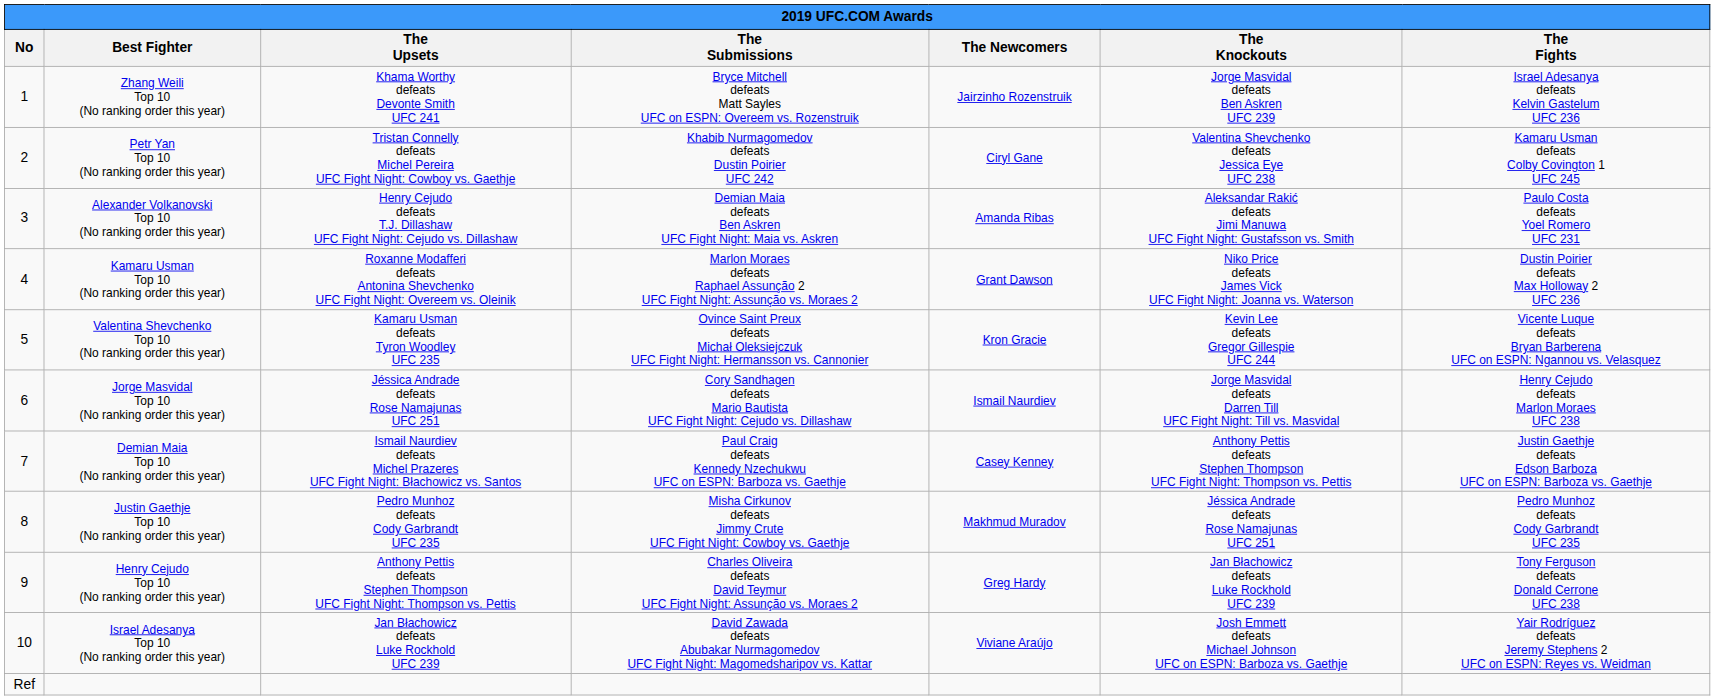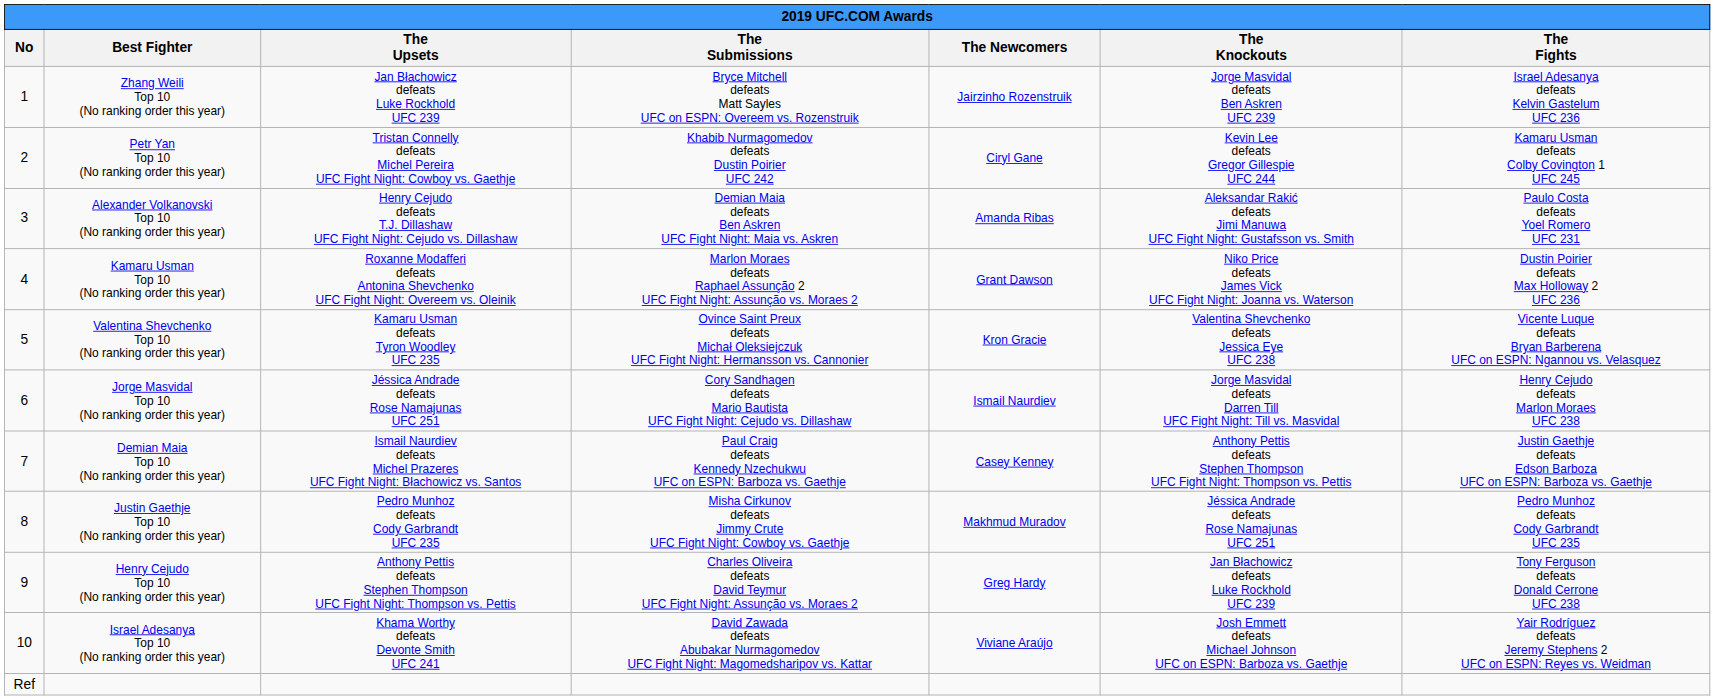 <table class="wikitable" width="100%" style="text-align:Center">
 <tr>
 <th colspan="7" style="border: 1px solid black; padding: 5px; background: #3B99FA;">2019 UFC.COM Awards</th>
 </tr>
 <tr>
 <th>No</th>
 <th>Best Fighter</th>
 <th>The<br>Upsets</th>
 <th>The<br>Submissions</th>
 <th>The Newcomers</th>
 <th>The<br>Knockouts</th>
 <th>The<br>Fights</th>
 </tr>
 <tr>
 <td>1</td>
 <td style="font-size:87%"><a href='#'>Zhang Weili</a><br>Top 10 <br>(No ranking order this year)</td>
-<td style="font-size:87%"><a href='#'>Khama Worthy</a> <br> defeats <br> <a href='#'>Devonte Smith</a> <br> <a href='#'>UFC 241</a></td>
+<td style="font-size:87%"><a href='#'>Jan Błachowicz</a> <br> defeats <br> <a href='#'>Luke Rockhold</a> <br> <a href='#'>UFC 239</a></td>
 <td style="font-size:87%"><a href='#'>Bryce Mitchell</a> <br> defeats <br> Matt Sayles <br> <a href='#'>UFC on ESPN: Overeem vs. Rozenstruik</a></td>
 <td style="font-size:87%"><a href='#'>Jairzinho Rozenstruik</a></td>
 <td style="font-size:87%"><a href='#'>Jorge Masvidal</a> <br> defeats <br> <a href='#'>Ben Askren</a> <br> <a href='#'>UFC 239</a></td>
 <td style="font-size:87%"><a href='#'>Israel Adesanya</a> <br> defeats <br> <a href='#'>Kelvin Gastelum</a> <br> <a href='#'>UFC 236</a></td>
 </tr>
 <tr>
 <td>2</td>
 <td style="font-size:87%"><a href='#'>Petr Yan</a> <br>Top 10 <br>(No ranking order this year)</td>
 <td style="font-size:87%"><a href='#'>Tristan Connelly</a> <br> defeats <br> <a href='#'>Michel Pereira</a> <br> <a href='#'>UFC Fight Night: Cowboy vs. Gaethje</a></td>
 <td style="font-size:87%"><a href='#'>Khabib Nurmagomedov</a> <br> defeats <br> <a href='#'>Dustin Poirier</a> <br> <a href='#'>UFC 242</a></td>
 <td style="font-size:87%"><a href='#'>Ciryl Gane</a></td>
-<td style="font-size:87%"><a href='#'>Valentina Shevchenko</a> <br> defeats <br> <a href='#'>Jessica Eye</a> <br> <a href='#'>UFC 238</a></td>
+<td style="font-size:87%"><a href='#'>Kevin Lee</a> <br> defeats <br> <a href='#'>Gregor Gillespie</a><br> <a href='#'>UFC 244</a></td>
 <td style="font-size:87%"><a href='#'>Kamaru Usman</a> <br> defeats <br> <a href='#'>Colby Covington</a> 1 <br> <a href='#'>UFC 245</a></td>
 </tr>
 <tr>
 <td>3</td>
 <td style="font-size:87%"><a href='#'>Alexander Volkanovski</a> <br>Top 10 <br>(No ranking order this year)</td>
 <td style="font-size:87%"><a href='#'>Henry Cejudo</a> <br> defeats  <br> <a href='#'>T.J. Dillashaw</a> <br> <a href='#'>UFC Fight Night: Cejudo vs. Dillashaw</a></td>
 <td style="font-size:87%"><a href='#'>Demian Maia</a> <br> defeats <br> <a href='#'>Ben Askren</a> <br> <a href='#'>UFC Fight Night: Maia vs. Askren</a></td>
 <td style="font-size:87%"><a href='#'>Amanda Ribas</a></td>
 <td style="font-size:87%"><a href='#'>Aleksandar Rakić</a> <br> defeats <br> <a href='#'>Jimi Manuwa</a> <br> <a href='#'>UFC Fight Night: Gustafsson vs. Smith</a></td>
 <td style="font-size:87%"><a href='#'>Paulo Costa</a> <br> defeats <br> <a href='#'>Yoel Romero</a> <br> <a href='#'>UFC 231</a></td>
 </tr>
 <tr>
 <td>4</td>
 <td style="font-size:87%"><a href='#'>Kamaru Usman</a><br>Top 10<br> (No ranking order this year)</td>
 <td style="font-size:87%"><a href='#'>Roxanne Modafferi</a> <br> defeats <br> <a href='#'>Antonina Shevchenko</a> <br> <a href='#'>UFC Fight Night: Overeem vs. Oleinik</a></td>
 <td style="font-size:87%"><a href='#'>Marlon Moraes</a> <br> defeats <br> <a href='#'>Raphael Assunção</a> 2 <br> <a href='#'>UFC Fight Night: Assunção vs. Moraes 2</a></td>
 <td style="font-size:87%"><a href='#'>Grant Dawson</a></td>
 <td style="font-size:87%"><a href='#'>Niko Price</a> <br> defeats <br> <a href='#'>James Vick</a> <br> <a href='#'>UFC Fight Night: Joanna vs. Waterson</a></td>
 <td style="font-size:87%"><a href='#'>Dustin Poirier</a> <br> defeats <br> <a href='#'>Max Holloway</a> 2 <br> <a href='#'>UFC 236</a></td>
 </tr>
 <tr>
 <td>5</td>
 <td style="font-size:87%"><a href='#'>Valentina Shevchenko</a><br>Top 10 <br>(No ranking order this year)</td>
 <td style="font-size:87%"><a href='#'>Kamaru Usman</a><br> defeats <br> <a href='#'>Tyron Woodley</a> <br> <a href='#'>UFC 235</a></td>
 <td style="font-size:87%"><a href='#'>Ovince Saint Preux</a> <br> defeats <br> <a href='#'>Michał Oleksiejczuk</a> <br> <a href='#'>UFC Fight Night: Hermansson vs. Cannonier</a></td>
 <td style="font-size:87%"><a href='#'>Kron Gracie</a></td>
-<td style="font-size:87%"><a href='#'>Kevin Lee</a> <br> defeats <br> <a href='#'>Gregor Gillespie</a><br> <a href='#'>UFC 244</a></td>
+<td style="font-size:87%"><a href='#'>Valentina Shevchenko</a> <br> defeats <br> <a href='#'>Jessica Eye</a> <br> <a href='#'>UFC 238</a></td>
 <td style="font-size:87%"><a href='#'>Vicente Luque</a> <br> defeats <br> <a href='#'>Bryan Barberena</a>  <br> <a href='#'>UFC on ESPN: Ngannou vs. Velasquez</a></td>
 </tr>
 <tr>
 <td>6</td>
 <td style="font-size:87%"><a href='#'>Jorge Masvidal</a><br>Top 10 <br>(No ranking order this year)</td>
 <td style="font-size:87%"><a href='#'>Jéssica Andrade</a> <br> defeats <br> <a href='#'>Rose Namajunas</a> <br> <a href='#'>UFC 251</a></td>
 <td style="font-size:87%"><a href='#'>Cory Sandhagen</a> <br> defeats <br> <a href='#'>Mario Bautista</a> <br> <a href='#'>UFC Fight Night: Cejudo vs. Dillashaw</a></td>
 <td style="font-size:87%"><a href='#'>Ismail Naurdiev</a></td>
 <td style="font-size:87%"><a href='#'>Jorge Masvidal</a> <br> defeats <br> <a href='#'>Darren Till</a> <br> <a href='#'>UFC Fight Night: Till vs. Masvidal</a></td>
 <td style="font-size:87%"><a href='#'>Henry Cejudo</a> <br> defeats <br> <a href='#'>Marlon Moraes</a> <br> <a href='#'>UFC 238</a></td>
 </tr>
 <tr>
 <td>7</td>
 <td style="font-size:87%"><a href='#'>Demian Maia</a><br>Top 10 <br>(No ranking order this year)</td>
 <td style="font-size:87%"><a href='#'>Ismail Naurdiev</a> <br> defeats <br> <a href='#'>Michel Prazeres</a> <br> <a href='#'>UFC Fight Night: Błachowicz vs. Santos</a></td>
 <td style="font-size:87%"><a href='#'>Paul Craig</a> <br> defeats <br> <a href='#'>Kennedy Nzechukwu</a> <br> <a href='#'>UFC on ESPN: Barboza vs. Gaethje</a></td>
 <td style="font-size:87%"><a href='#'>Casey Kenney</a></td>
 <td style="font-size:87%"><a href='#'>Anthony Pettis</a> <br> defeats <br> <a href='#'>Stephen Thompson</a> <br> <a href='#'>UFC Fight Night: Thompson vs. Pettis</a></td>
 <td style="font-size:87%"><a href='#'>Justin Gaethje</a> <br> defeats <br> <a href='#'>Edson Barboza</a> <br> <a href='#'>UFC on ESPN: Barboza vs. Gaethje</a></td>
 </tr>
 <tr>
 <td>8</td>
 <td style="font-size:87%"><a href='#'>Justin Gaethje</a><br>Top 10 <br>(No ranking order this year)</td>
 <td style="font-size:87%"><a href='#'>Pedro Munhoz</a> <br> defeats <br> <a href='#'>Cody Garbrandt</a> <br> <a href='#'>UFC 235</a></td>
 <td style="font-size:87%"><a href='#'>Misha Cirkunov</a> <br> defeats  <br> <a href='#'>Jimmy Crute</a> <br> <a href='#'>UFC Fight Night: Cowboy vs. Gaethje</a></td>
 <td style="font-size:87%"><a href='#'>Makhmud Muradov</a></td>
 <td style="font-size:87%"><a href='#'>Jéssica Andrade</a> <br> defeats <br> <a href='#'>Rose Namajunas</a> <br> <a href='#'>UFC 251</a></td>
 <td style="font-size:87%"><a href='#'>Pedro Munhoz</a> <br> defeats <br> <a href='#'>Cody Garbrandt</a><br> <a href='#'>UFC 235</a></td>
 </tr>
 <tr>
 <td>9</td>
 <td style="font-size:87%"><a href='#'>Henry Cejudo</a><br>Top 10 <br>(No ranking order this year)</td>
 <td style="font-size:87%"><a href='#'>Anthony Pettis</a> <br> defeats <br>  <a href='#'>Stephen Thompson</a> <br> <a href='#'>UFC Fight Night: Thompson vs. Pettis</a></td>
 <td style="font-size:87%"><a href='#'>Charles Oliveira</a> <br> defeats  <br> <a href='#'>David Teymur</a> <br> <a href='#'>UFC Fight Night: Assunção vs. Moraes 2</a></td>
 <td style="font-size:87%"><a href='#'>Greg Hardy</a></td>
 <td style="font-size:87%"><a href='#'>Jan Błachowicz</a> <br> defeats <br> <a href='#'>Luke Rockhold</a> <br> <a href='#'>UFC 239</a></td>
 <td style="font-size:87%"><a href='#'>Tony Ferguson</a> <br> defeats <br> <a href='#'>Donald Cerrone</a> <br> <a href='#'>UFC 238</a></td>
 </tr>
 <tr>
 <td>10</td>
 <td style="font-size:87%"><a href='#'>Israel Adesanya</a><br>Top 10 <br>(No ranking order this year)</td>
-<td style="font-size:87%"><a href='#'>Jan Błachowicz</a> <br> defeats <br> <a href='#'>Luke Rockhold</a> <br> <a href='#'>UFC 239</a></td>
+<td style="font-size:87%"><a href='#'>Khama Worthy</a> <br> defeats <br> <a href='#'>Devonte Smith</a> <br> <a href='#'>UFC 241</a></td>
 <td style="font-size:87%"><a href='#'>David Zawada</a> <br> defeats <br> <a href='#'>Abubakar Nurmagomedov</a> <br> <a href='#'>UFC Fight Night: Magomedsharipov vs. Kattar</a></td>
 <td style="font-size:87%"><a href='#'>Viviane Araújo</a></td>
 <td style="font-size:87%"><a href='#'>Josh Emmett</a><br> defeats <br> <a href='#'>Michael Johnson</a> <br> <a href='#'>UFC on ESPN: Barboza vs. Gaethje</a></td>
 <td style="font-size:87%"><a href='#'>Yair Rodríguez</a> <br> defeats <br> <a href='#'>Jeremy Stephens</a> 2 <br> <a href='#'>UFC on ESPN: Reyes vs. Weidman</a></td>
 </tr>
 <tr>
 <td>Ref</td>
 <td></td>
 <td></td>
 <td></td>
 <td></td>
 <td></td>
 <td></td>
 </tr>
 </table>
